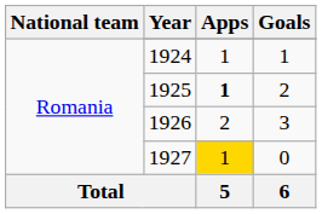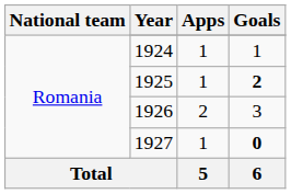 <table class="wikitable" style="text-align:center">
 <tr>
 <th>National team</th>
 <th>Year</th>
 <th>Apps</th>
 <th>Goals</th>
 </tr>
 <tr>
 <td rowspan="5"><a href='#'>Romania</a></td>
 </tr>
 <tr>
 <td>1924</td>
 <td>1</td>
 <td>1</td>
 </tr>
 <tr>
 <td>1925</td>
-<td><strong>1</strong></td>
-<td>2</td>
+<td>1</td>
+<td><strong>2</strong></td>
 </tr>
 <tr>
 <td>1926</td>
 <td>2</td>
 <td>3</td>
 </tr>
 <tr>
 <td>1927</td>
-<td style="background: gold;">1</td>
-<td>0</td>
+<td>1</td>
+<td><strong>0</strong></td>
 </tr>
 <tr>
 <th colspan=2>Total</th>
 <th>5</th>
 <th>6</th>
 </tr>
 </table>
